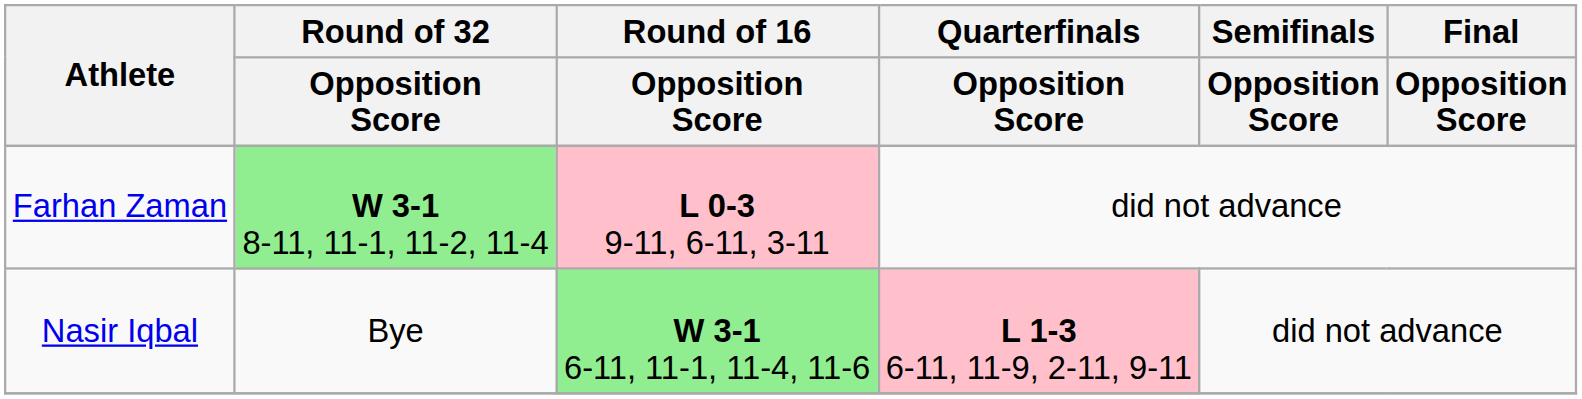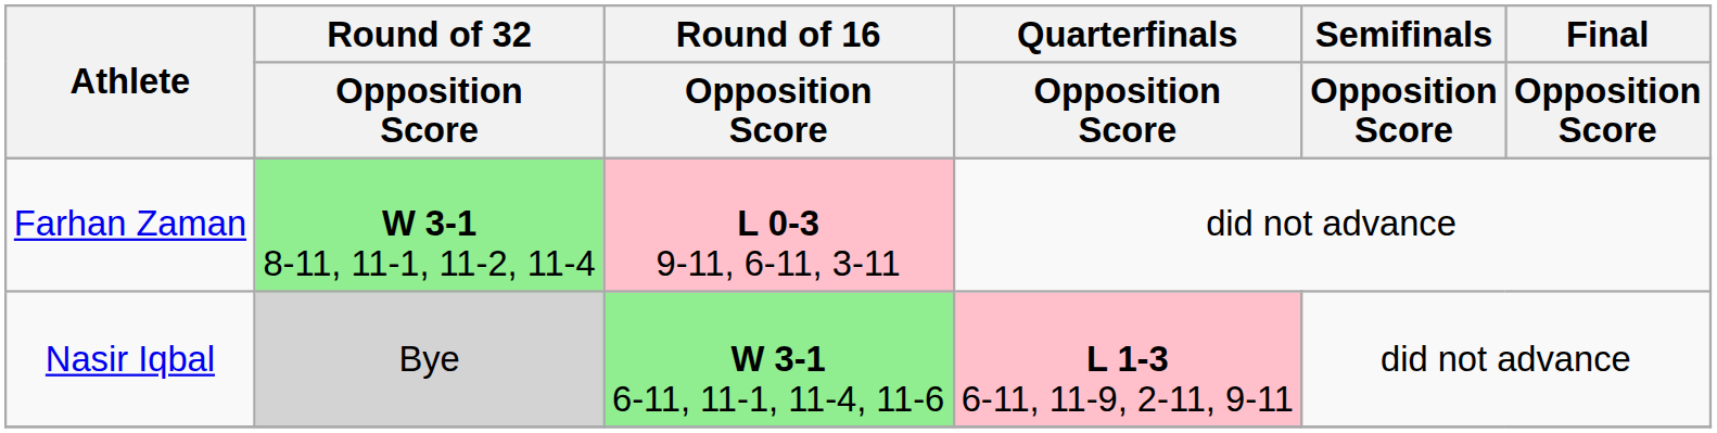 <table class=wikitable style="text-align:center; font-size:90%">
 <tr>
 <th rowspan="2">Athlete</th>
 <th>Round of 32</th>
 <th>Round of 16</th>
 <th>Quarterfinals</th>
 <th>Semifinals</th>
 <th>Final</th>
 </tr>
 <tr>
 <th>Opposition<br>Score</th>
 <th>Opposition<br>Score</th>
 <th>Opposition<br>Score</th>
 <th>Opposition<br>Score</th>
 <th>Opposition<br>Score</th>
 </tr>
 <tr>
 </tr>
 <tr>
 <td><a href='#'>Farhan Zaman</a></td>
 <td style="text-align:center; background:lightgreen;"><br><strong>W 3-1</strong><br>8-11, 11-1, 11-2, 11-4</td>
 <td style="text-align:center; background:pink;"><br><strong>L 0-3</strong><br>9-11, 6-11, 3-11</td>
 <td colspan="3">did not advance</td>
 </tr>
 <tr>
 <td><a href='#'>Nasir Iqbal</a></td>
-<td>Bye</td>
+<td style="background: lightgrey;">Bye</td>
 <td style="text-align:center; background:lightgreen;"><br><strong>W 3-1</strong><br> 6-11, 11-1, 11-4, 11-6</td>
 <td style="text-align:center; background:pink;"><br><strong>L 1-3</strong><br> 6-11, 11-9, 2-11, 9-11</td>
 <td colspan="2">did not advance</td>
 </tr>
 <tr>
 </tr>
 </table>
